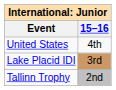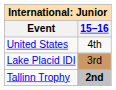 <table class="wikitable" style="text-align:center">
 <tr>
 <th colspan="2" style="background-color: #ffdead; " align="center">International: Junior</th>
 </tr>
 <tr>
 <th>Event</th>
 <th><a href='#'>15–16</a></th>
 </tr>
 <tr>
 <td align=left> <a href='#'>United States</a></td>
 <td>4th</td>
 </tr>
 <tr>
 <td align=left><a href='#'>Lake Placid IDI</a></td>
 <td bgcolor="cc9966">3rd</td>
 </tr>
 <tr>
 <td align=left><a href='#'>Tallinn Trophy</a></td>
-<td bgcolor="silver">2nd</td>
+<td bgcolor="silver"><strong>2nd</strong></td>
 </tr>
 </table>
